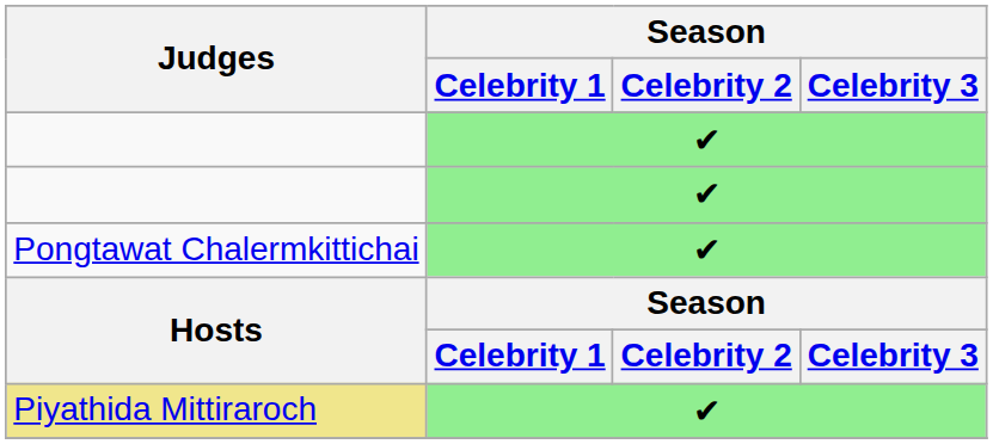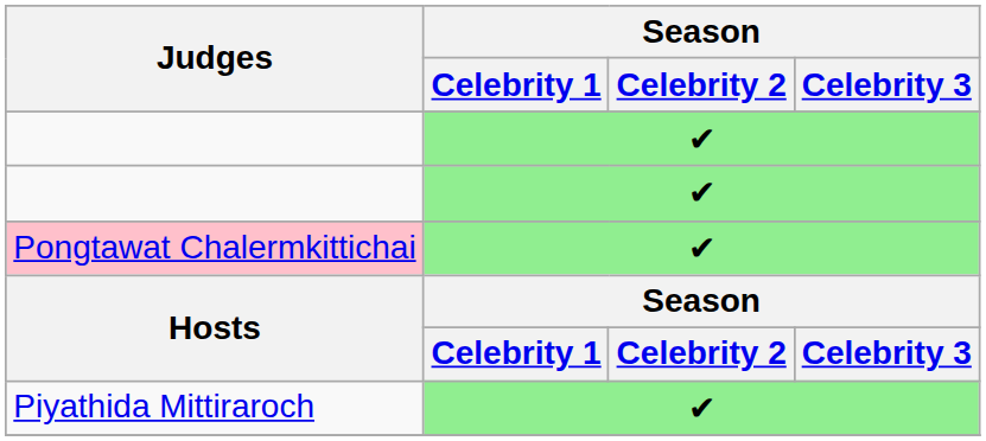 <table class="wikitable">
 <tr>
 <th rowspan="2">Judges</th>
 <th colspan="3">Season</th>
 </tr>
 <tr>
 <th><strong><a href='#'>Celebrity 1</a></strong></th>
 <th><strong><a href='#'>Celebrity 2</a></strong></th>
 <th><strong><a href='#'>Celebrity 3</a></strong></th>
 </tr>
 <tr>
 <td></td>
 <td colspan="3" style="background:lightgreen; text-align:center;">✔</td>
 </tr>
 <tr>
 <td></td>
 <td colspan="3" style="background:lightgreen; text-align:center;">✔</td>
 </tr>
 <tr>
-<td><a href='#'>Pongtawat Chalermkittichai</a></td>
+<td style="background: pink;"><a href='#'>Pongtawat Chalermkittichai</a></td>
 <td colspan="3" style="background:lightgreen; text-align:center;">✔</td>
 </tr>
 <tr>
 <th rowspan="2">Hosts</th>
 <th colspan="3">Season</th>
 </tr>
 <tr>
 <th><strong><a href='#'>Celebrity 1</a></strong></th>
 <th><strong><a href='#'>Celebrity 2</a></strong></th>
 <th><strong><a href='#'>Celebrity 3</a></strong></th>
 </tr>
 <tr>
-<td style="background: khaki;"><a href='#'>Piyathida Mittiraroch</a></td>
+<td><a href='#'>Piyathida Mittiraroch</a></td>
 <td colspan="3" style="background:lightgreen; text-align:center;">✔</td>
 </tr>
 <tr>
 </tr>
 <tr>
 </tr>
 </table>
